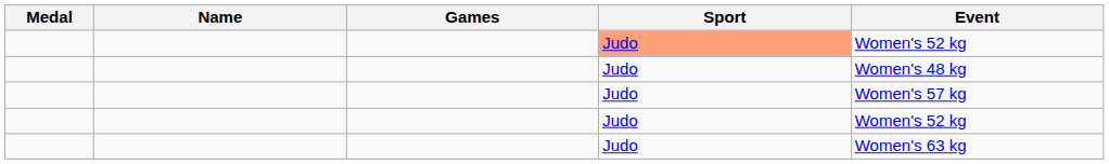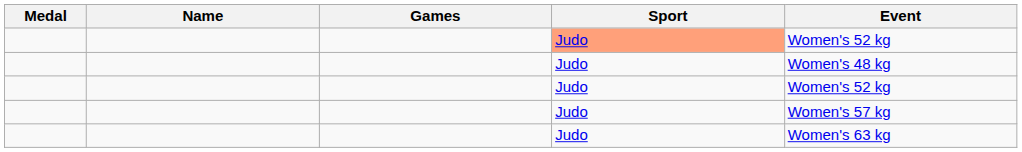 <table class="wikitable sortable">
 <tr>
 <th style="width:5em">Medal</th>
 <th style="width:15em">Name</th>
 <th style="width:15em">Games</th>
 <th style="width:15em">Sport</th>
 <th style="width:15em">Event</th>
 </tr>
 <tr>
 <td></td>
 <td></td>
 <td></td>
 <td style="background: lightsalmon;"> <a href='#'>Judo</a></td>
 <td><a href='#'>Women's 52 kg</a></td>
 </tr>
 <tr>
 <td></td>
 <td></td>
 <td></td>
 <td> <a href='#'>Judo</a></td>
 <td><a href='#'>Women's 48 kg</a></td>
 </tr>
 <tr>
 <td></td>
 <td></td>
 <td></td>
 <td> <a href='#'>Judo</a></td>
-<td><a href='#'>Women's 57 kg</a></td>
+<td><a href='#'>Women's 52 kg</a></td>
 </tr>
 <tr>
 <td></td>
 <td></td>
 <td></td>
 <td> <a href='#'>Judo</a></td>
-<td><a href='#'>Women's 52 kg</a></td>
+<td><a href='#'>Women's 57 kg</a></td>
 </tr>
 <tr>
 <td></td>
 <td></td>
 <td></td>
 <td> <a href='#'>Judo</a></td>
 <td><a href='#'>Women's 63 kg</a></td>
 </tr>
 </table>
